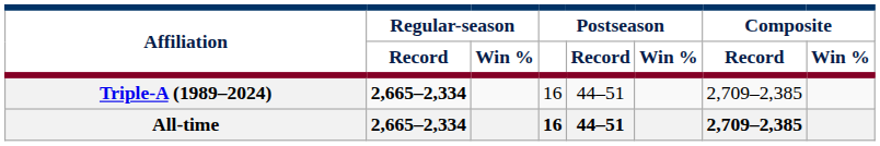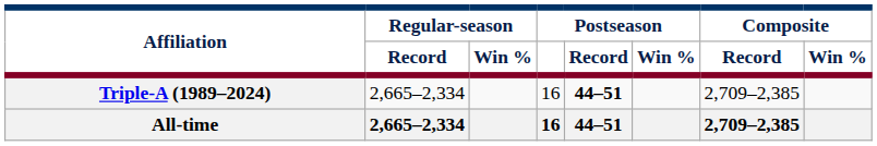 <table class="wikitable sortable plainrowheaders" style="font-size: 95%; text-align:center;">
 <tr>
 <th rowspan="2" scope="col" style="background-color:#ffffff; border-top:#003366 5px solid; border-bottom:#840026 5px solid; color:#071d49" width="280px">Affiliation</th>
 <th colspan="2" scope="col" style="background-color:#ffffff; border-top:#003366 5px solid; color:#071d49">Regular-season</th>
 <th colspan="3" scope="col" style="background-color:#ffffff; border-top:#003366 5px solid; color:#071d49">Postseason</th>
 <th colspan="2" scope="col" style="background-color:#ffffff; border-top:#003366 5px solid; color:#071d49">Composite</th>
 </tr>
 <tr>
 <th scope="col" style="background-color:#ffffff; border-bottom:#840026 5px solid; color:#071d49">Record</th>
 <th scope="col" style="background-color:#ffffff; border-bottom:#840026 5px solid; color:#071d49">Win %</th>
 <th scope="col" style="background-color:#ffffff; border-bottom:#840026 5px solid; color:#071d49"></th>
 <th scope="col" style="background-color:#ffffff; border-bottom:#840026 5px solid; color:#071d49">Record</th>
 <th scope="col" style="background-color:#ffffff; border-bottom:#840026 5px solid; color:#071d49">Win %</th>
 <th scope="col" style="background-color:#ffffff; border-bottom:#840026 5px solid; color:#071d49">Record</th>
 <th scope="col" style="background-color:#ffffff; border-bottom:#840026 5px solid; color:#071d49">Win %</th>
 </tr>
 <tr>
 <th scope="row"><a href='#'>Triple-A</a> (1989–2024)</th>
-<td><strong>2,665–2,334</strong></td>
+<td>2,665–2,334</td>
 <td></td>
 <td>16</td>
-<td>44–51</td>
+<td><strong>44–51</strong></td>
 <td></td>
 <td>2,709–2,385</td>
 <td></td>
 </tr>
 <tr>
 <th scope="row"><strong>All-time</strong></th>
 <th>2,665–2,334</th>
 <th></th>
 <th>16</th>
 <th>44–51</th>
 <th></th>
 <th>2,709–2,385</th>
 <th></th>
 </tr>
 </table>
